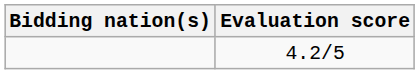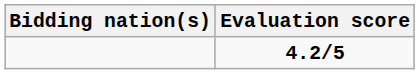 <table class="wikitable" style="margin: 0 auto;text-align: left">
 <tr>
 <th rowspan=1>Bidding nation(s)</th>
 <th colspan=1>Evaluation score</th>
 </tr>
 <tr>
 <td align="left"></td>
-<td style="text-align:center;">4.2/5</td>
+<td style="text-align:center;"><strong>4.2/5</strong></td>
 </tr>
 </table>
